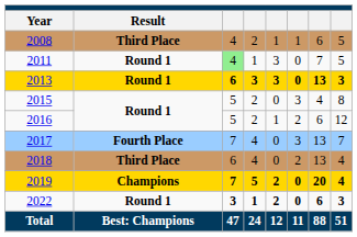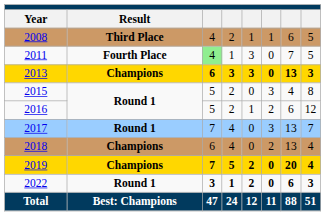 <table class="wikitable" style="text-align: center">
 <tr>
 <th colspan=9 style="background: #013A5E; color: #FFFFFF;"><a href='#'></a></th>
 </tr>
 <tr>
 <th width=80>Year</th>
 <th width=180>Result</th>
 <th width=20></th>
 <th width=20></th>
 <th width=20></th>
 <th width=20></th>
 <th width=20></th>
 <th width=20></th>
 </tr>
 <tr bgcolor=cc9966>
 <td> <a href='#'>2008</a></td>
 <td><strong>Third Place</strong></td>
 <td>4</td>
 <td>2</td>
 <td>1</td>
 <td>1</td>
 <td>6</td>
 <td>5</td>
 </tr>
 <tr>
 <td> <a href='#'>2011</a></td>
-<td><strong>Round 1</strong></td>
+<td><strong>Fourth Place</strong></td>
 <td style="background: lightgreen;">4</td>
 <td>1</td>
 <td>3</td>
 <td>0</td>
 <td>7</td>
 <td>5</td>
 </tr>
 <tr style="background:gold;">
 <td> <a href='#'>2013</a></td>
-<td><strong>Round 1</strong></td>
+<td><strong>Champions</strong></td>
 <td><strong>6</strong></td>
 <td><strong>3</strong></td>
 <td><strong>3</strong></td>
 <td><strong>0</strong></td>
 <td><strong>13</strong></td>
 <td><strong>3</strong></td>
 </tr>
 <tr>
 <td> <a href='#'>2015</a></td>
 <td rowspan=2><strong>Round 1</strong></td>
 <td>5</td>
 <td>2</td>
 <td>0</td>
 <td>3</td>
 <td>4</td>
 <td>8</td>
 </tr>
 <tr>
 <td> <a href='#'>2016</a></td>
 <td>5</td>
 <td>2</td>
 <td>1</td>
 <td>2</td>
 <td>6</td>
 <td>12</td>
 </tr>
 <tr style="background:#9acdff;">
 <td> <a href='#'>2017</a></td>
-<td><strong>Fourth Place</strong></td>
+<td><strong>Round 1</strong></td>
 <td>7</td>
 <td>4</td>
 <td>0</td>
 <td>3</td>
 <td>13</td>
 <td>7</td>
 </tr>
 <tr bgcolor=cc9966>
 <td> <a href='#'>2018</a></td>
-<td><strong>Third Place</strong></td>
+<td><strong>Champions</strong></td>
 <td>6</td>
 <td>4</td>
 <td>0</td>
 <td>2</td>
 <td>13</td>
 <td>4</td>
 </tr>
 <tr style="background:gold;">
 <td> <a href='#'>2019</a></td>
 <td><strong>Champions</strong></td>
 <td><strong>7</strong></td>
 <td><strong>5</strong></td>
 <td><strong>2</strong></td>
 <td><strong>0</strong></td>
 <td><strong>20</strong></td>
 <td><strong>4</strong></td>
 </tr>
 <tr>
 <td> <a href='#'>2022</a></td>
 <td><strong>Round 1</strong></td>
 <td><strong>3</strong></td>
 <td><strong>1</strong></td>
 <td><strong>2</strong></td>
 <td><strong>0</strong></td>
 <td><strong>6</strong></td>
 <td><strong>3</strong></td>
 </tr>
 <tr>
 <td style="background: #013A5E; color: #FFFFFF;"><strong>Total</strong></td>
 <td style="background: #013A5E; color: #FFFFFF;"><strong>Best: Champions</strong></td>
 <td style="background: #013A5E; color: #FFFFFF;"><strong>47</strong></td>
 <td style="background: #013A5E; color: #FFFFFF;"><strong>24</strong></td>
 <td style="background: #013A5E; color: #FFFFFF;"><strong>12</strong></td>
 <td style="background: #013A5E; color: #FFFFFF;"><strong>11</strong></td>
 <td style="background: #013A5E; color: #FFFFFF;"><strong>88</strong></td>
 <td style="background: #013A5E; color: #FFFFFF;"><strong>51</strong></td>
 </tr>
 </table>
